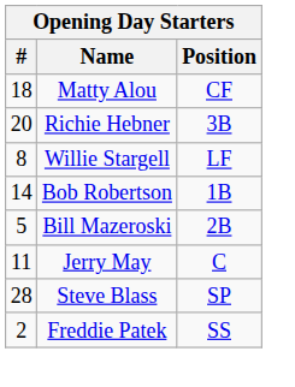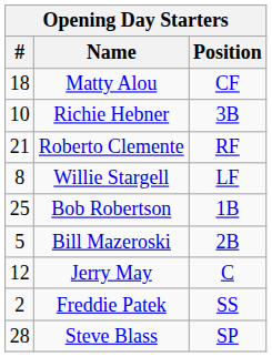 <table class="wikitable" style="text-align:center">
 <tr>
 <th colspan="3">Opening Day Starters</th>
 </tr>
 <tr>
 <th>#</th>
 <th>Name</th>
 <th>Position</th>
 </tr>
 <tr>
 <td>18</td>
 <td><a href='#'>Matty Alou</a></td>
 <td><a href='#'>CF</a></td>
 </tr>
 <tr>
-<td>20</td>
+<td>10</td>
 <td><a href='#'>Richie Hebner</a></td>
 <td><a href='#'>3B</a></td>
+</tr>
+<tr>
+<td>21</td>
+<td><a href='#'>Roberto Clemente</a></td>
+<td><a href='#'>RF</a></td>
 </tr>
 <tr>
 <td>8</td>
 <td><a href='#'>Willie Stargell</a></td>
 <td><a href='#'>LF</a></td>
 </tr>
 <tr>
-<td>14</td>
+<td>25</td>
 <td><a href='#'>Bob Robertson</a></td>
 <td><a href='#'>1B</a></td>
 </tr>
 <tr>
 <td>5</td>
 <td><a href='#'>Bill Mazeroski</a></td>
 <td><a href='#'>2B</a></td>
 </tr>
 <tr>
-<td>11</td>
+<td>12</td>
 <td><a href='#'>Jerry May</a></td>
 <td><a href='#'>C</a></td>
+</tr>
+<tr>
+<td>2</td>
+<td><a href='#'>Freddie Patek</a></td>
+<td><a href='#'>SS</a></td>
 </tr>
 <tr>
 <td>28</td>
 <td><a href='#'>Steve Blass</a></td>
 <td><a href='#'>SP</a></td>
 </tr>
-<tr>
-<td>2</td>
-<td><a href='#'>Freddie Patek</a></td>
-<td><a href='#'>SS</a></td>
-</tr>
 </table>
